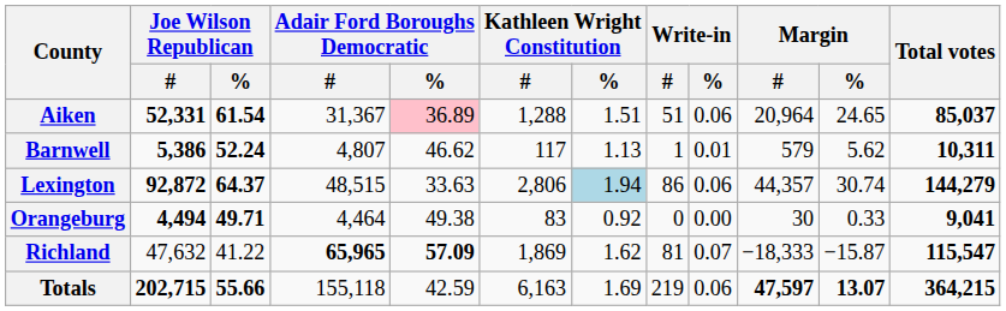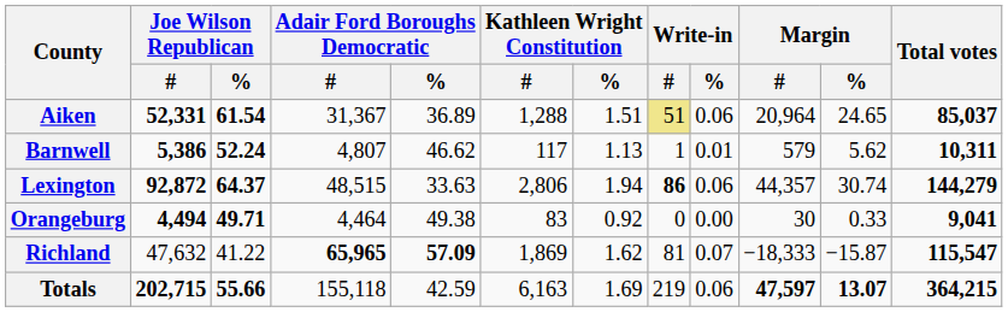 <table class="wikitable sortable"  style="text-align:right">
 <tr>
 <th rowspan="2">County</th>
 <th colspan="2"><a href='#'>Joe Wilson</a><br><a href='#'>Republican</a></th>
 <th colspan="2"><a href='#'>Adair Ford Boroughs</a><br><a href='#'>Democratic</a></th>
 <th colspan="2">Kathleen Wright<br><a href='#'>Constitution</a></th>
 <th colspan="2">Write-in</th>
 <th colspan="2">Margin</th>
 <th rowspan="2">Total votes</th>
 </tr>
 <tr>
 <th data-sort-type="number" style="text-align:center;">#</th>
 <th data-sort-type="number" style="text-align:center;">%</th>
 <th data-sort-type="number" style="text-align:center;">#</th>
 <th data-sort-type="number" style="text-align:center;">%</th>
 <th data-sort-type="number" style="text-align:center;">#</th>
 <th data-sort-type="number" style="text-align:center;">%</th>
 <th data-sort-type="number" style="text-align:center;">#</th>
 <th data-sort-type="number" style="text-align:center;">%</th>
 <th data-sort-type="number" style="text-align:center;">#</th>
 <th data-sort-type="number" style="text-align:center;">%</th>
 </tr>
 <tr>
 <th><a href='#'>Aiken</a></th>
 <td><strong>52,331</strong></td>
 <td><strong>61.54</strong></td>
 <td>31,367</td>
-<td style="background: pink;">36.89</td>
+<td>36.89</td>
 <td>1,288</td>
 <td>1.51</td>
-<td>51</td>
+<td style="background: khaki;">51</td>
 <td>0.06</td>
 <td>20,964</td>
 <td>24.65</td>
 <td><strong>85,037</strong></td>
 </tr>
 <tr>
 <th><a href='#'>Barnwell</a></th>
 <td><strong>5,386</strong></td>
 <td><strong>52.24</strong></td>
 <td>4,807</td>
 <td>46.62</td>
 <td>117</td>
 <td>1.13</td>
 <td>1</td>
 <td>0.01</td>
 <td>579</td>
 <td>5.62</td>
 <td><strong>10,311</strong></td>
 </tr>
 <tr>
 <th><a href='#'>Lexington</a></th>
 <td><strong>92,872</strong></td>
 <td><strong>64.37</strong></td>
 <td>48,515</td>
 <td>33.63</td>
 <td>2,806</td>
-<td style="background: lightblue;">1.94</td>
-<td>86</td>
+<td>1.94</td>
+<td><strong>86</strong></td>
 <td>0.06</td>
 <td>44,357</td>
 <td>30.74</td>
 <td><strong>144,279</strong></td>
 </tr>
 <tr>
 <th><a href='#'>Orangeburg</a> </th>
 <td><strong>4,494</strong></td>
 <td><strong>49.71</strong></td>
 <td>4,464</td>
 <td>49.38</td>
 <td>83</td>
 <td>0.92</td>
 <td>0</td>
 <td>0.00</td>
 <td>30</td>
 <td>0.33</td>
 <td><strong>9,041</strong></td>
 </tr>
 <tr>
 <th><a href='#'>Richland</a> </th>
 <td>47,632</td>
 <td>41.22</td>
 <td><strong>65,965</strong></td>
 <td><strong>57.09</strong></td>
 <td>1,869</td>
 <td>1.62</td>
 <td>81</td>
 <td>0.07</td>
 <td>−18,333</td>
 <td>−15.87</td>
 <td><strong>115,547</strong></td>
 </tr>
 <tr>
 <th data-sort-value="ZZZ">Totals</th>
 <td><strong>202,715</strong></td>
 <td><strong>55.66</strong></td>
 <td>155,118</td>
 <td>42.59</td>
 <td>6,163</td>
 <td>1.69</td>
 <td>219</td>
 <td>0.06</td>
 <td><strong>47,597</strong></td>
 <td><strong>13.07</strong></td>
 <td><strong>364,215</strong></td>
 </tr>
 </table>
